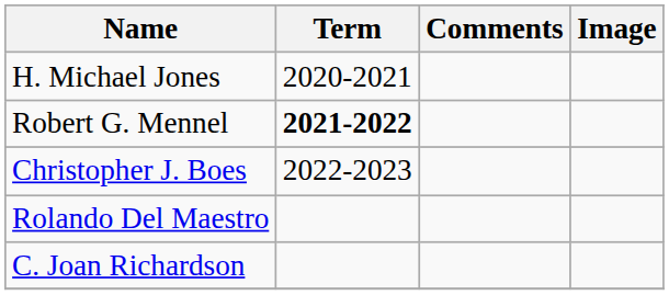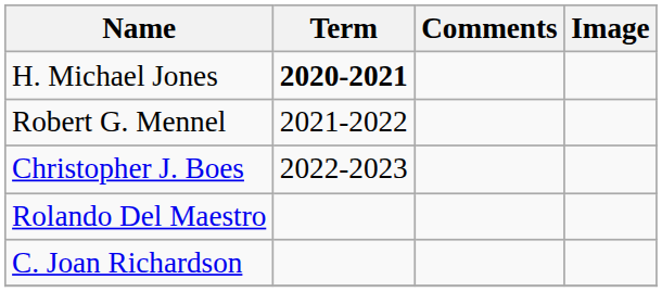 <table class="wikitable">
 <tr>
 <th>Name</th>
 <th>Term</th>
 <th>Comments</th>
 <th>Image</th>
 </tr>
 <tr>
 <td>H. Michael Jones</td>
-<td>2020-2021</td>
+<td><strong>2020-2021</strong></td>
 <td></td>
 <td></td>
 </tr>
 <tr>
 <td>Robert G. Mennel</td>
-<td><strong>2021-2022</strong></td>
+<td>2021-2022</td>
 <td></td>
 <td></td>
 </tr>
 <tr>
 <td><a href='#'>Christopher J. Boes</a></td>
 <td>2022-2023</td>
 <td></td>
 <td></td>
 </tr>
 <tr>
 <td><a href='#'>Rolando Del Maestro</a></td>
 <td></td>
 <td></td>
 <td></td>
 </tr>
 <tr>
 <td><a href='#'>C. Joan Richardson</a></td>
 <td></td>
 <td></td>
 <td></td>
 </tr>
 <tr>
 </tr>
 </table>
